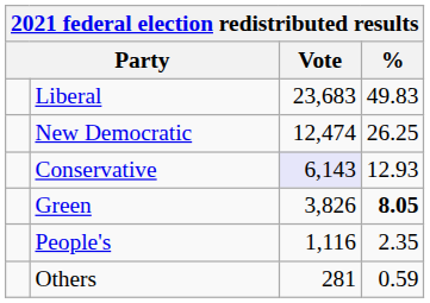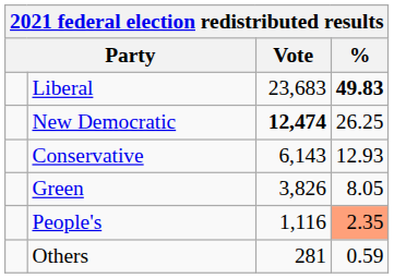 <table class="wikitable">
 <tr>
 <th colspan="4"><a href='#'>2021 federal election</a> redistributed results</th>
 </tr>
 <tr>
 <th bgcolor="#DDDDFF" width="130px" colspan="2">Party</th>
 <th bgcolor="#DDDDFF" width="50px">Vote</th>
 <th bgcolor="#DDDDFF" width="30px">%</th>
 </tr>
 <tr>
 <td> </td>
 <td><a href='#'>Liberal</a></td>
 <td align=right>23,683</td>
-<td align=right>49.83</td>
+<td align=right><strong>49.83</strong></td>
 </tr>
 <tr>
 <td> </td>
 <td><a href='#'>New Democratic</a></td>
-<td align=right>12,474</td>
+<td align=right><strong>12,474</strong></td>
 <td align=right>26.25</td>
 </tr>
 <tr>
 <td> </td>
 <td><a href='#'>Conservative</a></td>
-<td align=right style="background: lavender;">6,143</td>
+<td align=right>6,143</td>
 <td align=right>12.93</td>
 </tr>
 <tr>
 <td> </td>
 <td><a href='#'>Green</a></td>
 <td align=right>3,826</td>
-<td align=right><strong>8.05</strong></td>
+<td align=right>8.05</td>
 </tr>
 <tr>
 <td> </td>
 <td><a href='#'>People's</a></td>
 <td align=right>1,116</td>
-<td align=right>2.35</td>
+<td align=right style="background: lightsalmon;">2.35</td>
 </tr>
 <tr>
 <td> </td>
 <td>Others</td>
 <td align=right>281</td>
 <td align=right>0.59</td>
 </tr>
 </table>
